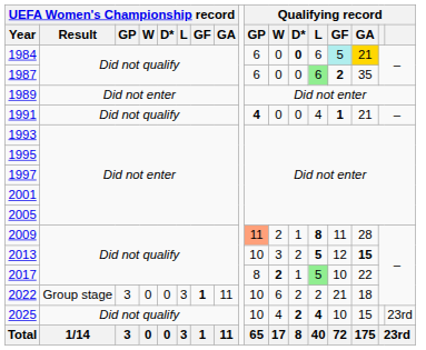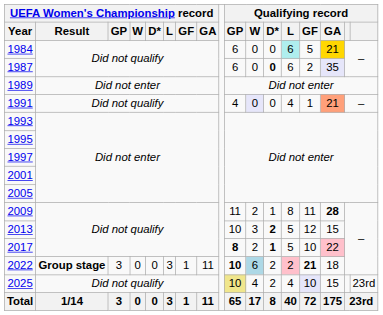 <table class="wikitable" style="text-align:center;">
 <tr>
 <th colspan=8><a href='#'>UEFA Women's Championship</a> record</th>
 <td rowspan=99></td>
 <th colspan=8>Qualifying record</th>
 </tr>
 <tr>
 <th>Year</th>
 <th>Result</th>
 <th>GP</th>
 <th>W</th>
 <th>D*</th>
 <th>L</th>
 <th>GF</th>
 <th>GA</th>
 <th>GP</th>
 <th>W</th>
 <th>D*</th>
 <th>L</th>
 <th>GF</th>
 <th>GA</th>
 <th></th>
 <th></th>
 </tr>
 <tr>
 <td> <a href='#'>1984</a></td>
 <td colspan=7 rowspan=2><em>Did not qualify</em></td>
 <td>6</td>
 <td>0</td>
-<td><strong>0</strong></td>
-<td>6</td>
-<td style="background: paleturquoise;">5</td>
+<td>0</td>
+<td style="background: paleturquoise;">6</td>
+<td>5</td>
 <td style="background: gold;">21</td>
 <td rowspan=2 colspan=2>–</td>
 </tr>
 <tr>
 <td> <a href='#'>1987</a></td>
 <td>6</td>
 <td>0</td>
-<td>0</td>
-<td style="background: lightgreen;">6</td>
-<td><strong>2</strong></td>
-<td>35</td>
+<td><strong>0</strong></td>
+<td>6</td>
+<td>2</td>
+<td style="background: lavender;">35</td>
 </tr>
 <tr>
 <td> <a href='#'>1989</a></td>
 <td colspan=7><em>Did not enter</em></td>
 <td colspan=8><em>Did not enter</em></td>
 </tr>
 <tr>
 <td> <a href='#'>1991</a></td>
 <td colspan=7><em>Did not qualify</em></td>
-<td><strong>4</strong></td>
-<td>0</td>
+<td>4</td>
+<td style="background: lavender;">0</td>
 <td>0</td>
 <td>4</td>
-<td><strong>1</strong></td>
-<td>21</td>
+<td>1</td>
+<td style="background: lightsalmon;">21</td>
 <td colspan=2>–</td>
 </tr>
 <tr>
 <td> <a href='#'>1993</a></td>
 <td colspan=7 rowspan=5><em>Did not enter</em></td>
 <td colspan=8 rowspan=5><em>Did not enter</em></td>
 </tr>
 <tr>
 <td> <a href='#'>1995</a></td>
 </tr>
 <tr>
 <td> <a href='#'>1997</a></td>
 </tr>
 <tr>
 <td> <a href='#'>2001</a></td>
 </tr>
 <tr>
 <td> <a href='#'>2005</a></td>
 </tr>
 <tr>
 <td> <a href='#'>2009</a></td>
 <td colspan=7 rowspan=3><em>Did not qualify</em></td>
-<td style="background: lightsalmon;">11</td>
+<td>11</td>
 <td>2</td>
 <td>1</td>
-<td><strong>8</strong></td>
+<td>8</td>
 <td>11</td>
-<td>28</td>
+<td><strong>28</strong></td>
 <td rowspan=4 colspan=2>–</td>
 </tr>
 <tr>
 <td> <a href='#'>2013</a></td>
 <td>10</td>
 <td>3</td>
-<td>2</td>
-<td><strong>5</strong></td>
+<td><strong>2</strong></td>
+<td>5</td>
 <td>12</td>
-<td><strong>15</strong></td>
+<td>15</td>
 </tr>
 <tr>
 <td> <a href='#'>2017</a></td>
-<td>8</td>
-<td><strong>2</strong></td>
-<td>1</td>
-<td style="background: lightgreen;">5</td>
+<td><strong>8</strong></td>
+<td>2</td>
+<td><strong>1</strong></td>
+<td>5</td>
 <td>10</td>
-<td>22</td>
+<td style="background: pink;">22</td>
 </tr>
 <tr>
 <td> <a href='#'>2022</a></td>
-<td>Group stage</td>
+<td><strong>Group stage</strong></td>
 <td>3</td>
 <td>0</td>
 <td>0</td>
 <td>3</td>
-<td><strong>1</strong></td>
+<td>1</td>
 <td>11</td>
-<td>10</td>
-<td>6</td>
+<td><strong>10</strong></td>
+<td style="background: lightblue;">6</td>
 <td>2</td>
-<td>2</td>
-<td>21</td>
+<td style="background: pink;">2</td>
+<td><strong>21</strong></td>
 <td>18</td>
 </tr>
 <tr>
 <td> <a href='#'>2025</a></td>
 <td colspan=7><em>Did not qualify</em></td>
-<td>10</td>
+<td style="background: khaki;">10</td>
 <td>4</td>
-<td><strong>2</strong></td>
-<td><strong>4</strong></td>
-<td>10</td>
+<td>2</td>
+<td>4</td>
+<td style="background: lavender;">10</td>
 <td>15</td>
 <td></td>
 <td>23rd</td>
 </tr>
 <tr>
 <th>Total</th>
 <th>1/14</th>
 <th>3</th>
 <th>0</th>
 <th>0</th>
 <th>3</th>
 <th>1</th>
 <th>11</th>
 <th>65</th>
 <th>17</th>
 <th>8</th>
 <th>40</th>
 <th>72</th>
 <th>175</th>
 <th colspan=2>23rd</th>
 </tr>
 </table>
